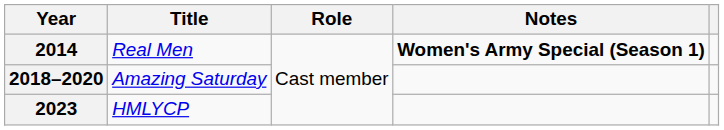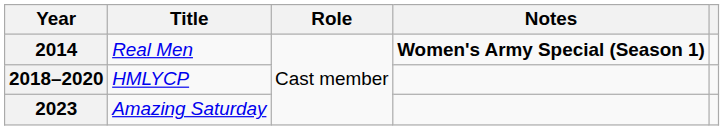 <table class="wikitable plainrowheaders sortable">
 <tr>
 <th scope="col">Year</th>
 <th scope="col">Title</th>
 <th scope="col">Role</th>
 <th scope="col">Notes</th>
 <th scope="col" class="unsortable"></th>
 </tr>
 <tr>
 <th scope="row">2014</th>
 <td><em><a href='#'>Real Men</a></em></td>
 <td rowspan="3">Cast member</td>
 <td><strong>Women's Army Special (Season 1)</strong></td>
 <td style="text-align:center"></td>
 </tr>
 <tr>
 <th scope="row">2018–2020</th>
-<td><em><a href='#'>Amazing Saturday</a></em></td>
+<td><em><a href='#'>HMLYCP</a></em></td>
 <td></td>
 <td style="text-align:center"></td>
 </tr>
 <tr>
 <th scope="row">2023</th>
-<td><em><a href='#'>HMLYCP</a></em></td>
+<td><em><a href='#'>Amazing Saturday</a></em></td>
 <td></td>
 <td style="text-align:center"></td>
 </tr>
 </table>
